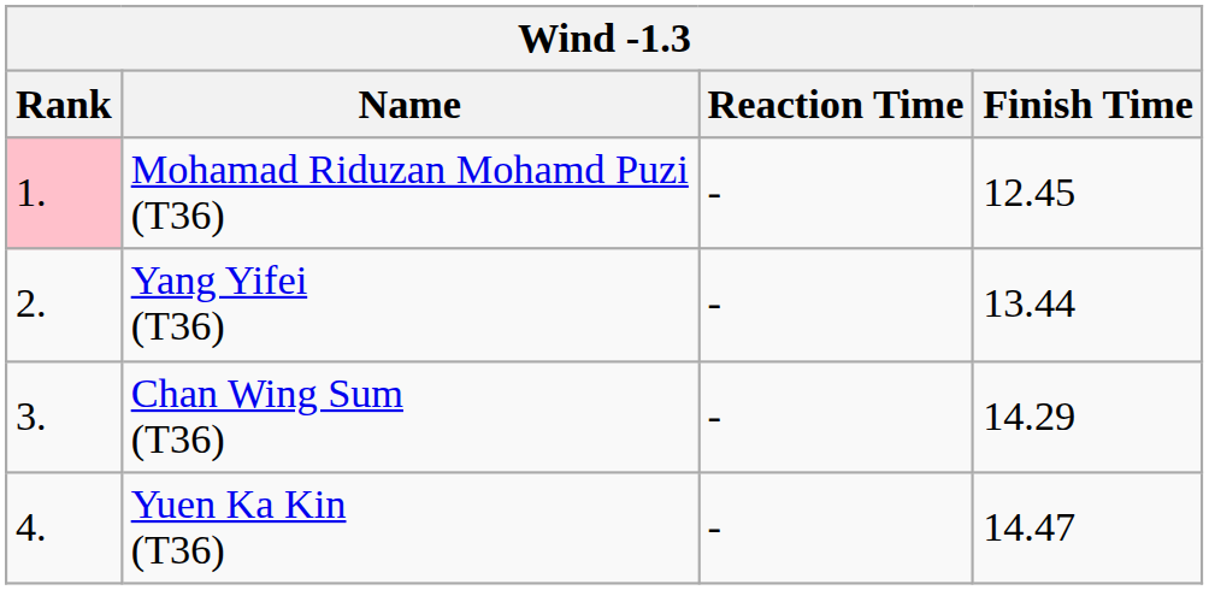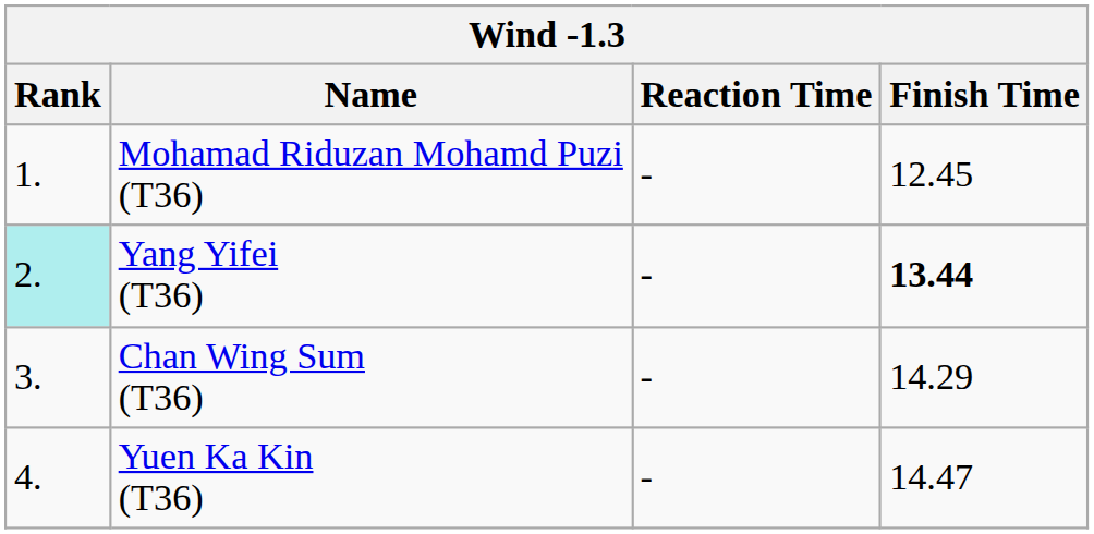 <table class="wikitable">
 <tr>
 <th colspan="4">Wind -1.3</th>
 </tr>
 <tr>
 <th>Rank</th>
 <th>Name</th>
 <th>Reaction Time</th>
 <th>Finish Time</th>
 </tr>
 <tr>
-<td style="background: pink;">1.</td>
+<td>1.</td>
 <td><a href='#'>Mohamad Riduzan Mohamd Puzi</a><br>(T36) <br> </td>
 <td>-</td>
 <td>12.45</td>
 </tr>
 <tr>
-<td>2.</td>
+<td style="background: paleturquoise;">2.</td>
 <td><a href='#'>Yang Yifei</a><br>(T36) <br> </td>
 <td>-</td>
-<td>13.44</td>
+<td><strong>13.44</strong></td>
 </tr>
 <tr>
 <td>3.</td>
 <td><a href='#'>Chan Wing Sum</a><br>(T36) <br> </td>
 <td>-</td>
 <td>14.29</td>
 </tr>
 <tr>
 <td>4.</td>
 <td><a href='#'>Yuen Ka Kin</a><br>(T36) <br> </td>
 <td>-</td>
 <td>14.47</td>
 </tr>
 </table>
